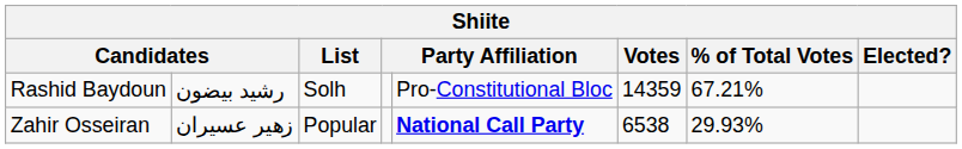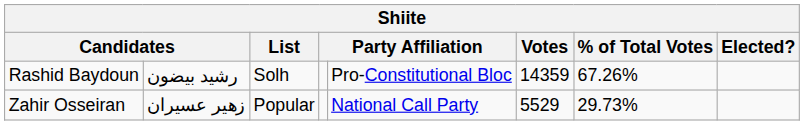 <table class="wikitable sortable">
 <tr>
 <th colspan="8">Shiite</th>
 </tr>
 <tr>
 <th colspan="2">Candidates</th>
 <th>List</th>
 <th colspan="2">Party Affiliation</th>
 <th>Votes</th>
 <th>% of Total Votes</th>
 <th>Elected?</th>
 </tr>
 <tr>
 <td>Rashid Baydoun</td>
 <td>رشيد بيضون</td>
 <td>Solh</td>
 <td style="background: "></td>
 <td>Pro-<a href='#'>Constitutional Bloc</a></td>
 <td>14359</td>
-<td>67.21%</td>
+<td>67.26%</td>
 <td></td>
 </tr>
 <tr>
 <td>Zahir Osseiran</td>
 <td>زهير عسيران</td>
 <td>Popular</td>
 <td style="background: "></td>
-<td><strong><a href='#'>National Call Party</a></strong></td>
-<td>6538</td>
-<td>29.93%</td>
+<td><a href='#'>National Call Party</a></td>
+<td>5529</td>
+<td>29.73%</td>
 <td></td>
 </tr>
 </table>
